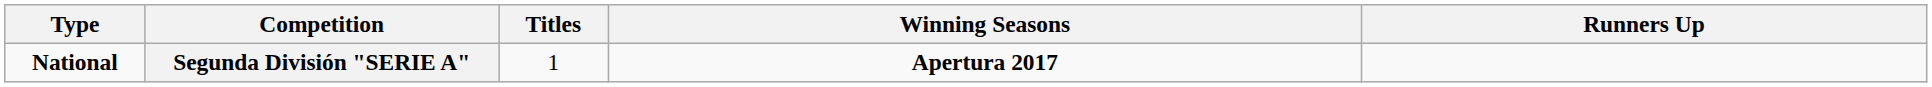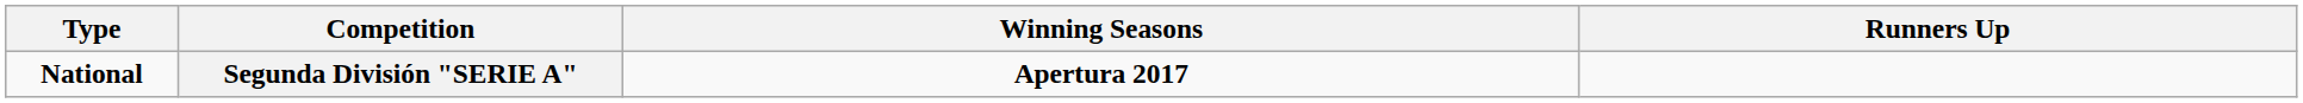 <table class="wikitable plainrowheaders" style="font-size:95%; text-align:center;">
 <tr>
 <th style="width: 1%;">Type</th>
 <th style="width: 5%;">Competition</th>
-<th style="width: 1%;">Titles</th>
 <th style="width: 12%;">Winning Seasons</th>
 <th style="width: 9%;">Runners Up</th>
 </tr>
 <tr>
 <td><strong>National</strong></td>
 <th scope=col>Segunda División "SERIE A"</th>
-<td align="center">1</td>
 <td><strong>Apertura 2017</strong></td>
 <td></td>
 </tr>
 </table>
